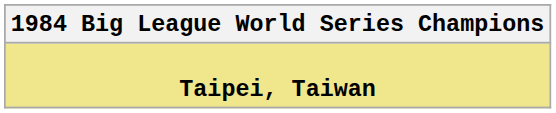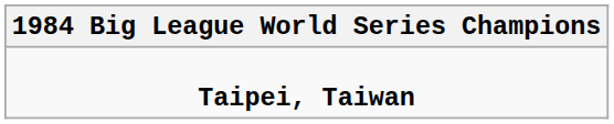 <table class="wikitable" style="text-align: center; margin: 0 auto;">
 <tr>
 <th>1984 Big League World Series Champions</th>
 </tr>
 <tr>
-<td style="background: khaki;"><br><strong>Taipei, Taiwan</strong></td>
+<td><br><strong>Taipei, Taiwan</strong></td>
 </tr>
 </table>
